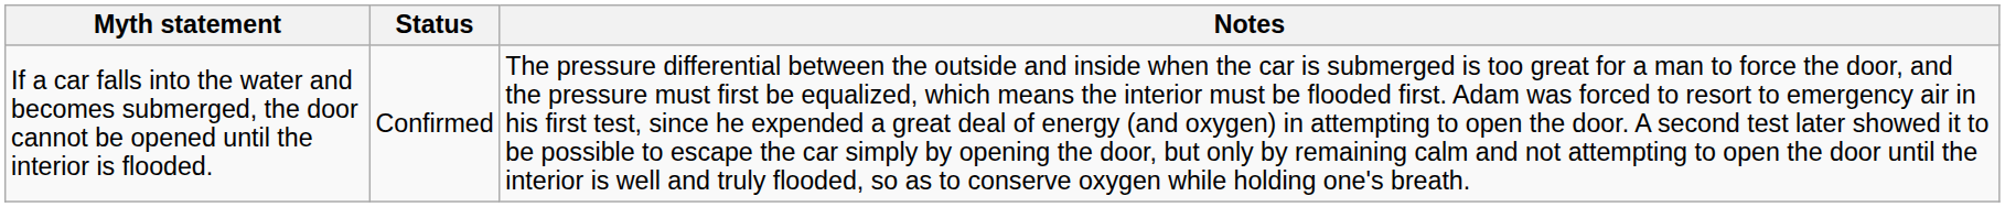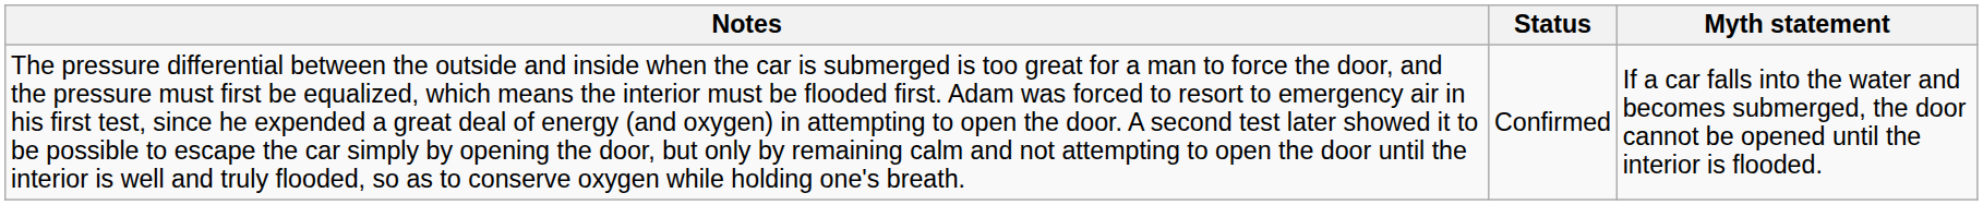 <table class="wikitable plainrowheaders">
 <tr>
+<th>Notes</th>
+<th>Status</th>
 <th>Myth statement</th>
-<th>Status</th>
-<th>Notes</th>
 </tr>
 <tr>
+<td>The pressure differential between the outside and inside when the car is submerged is too great for a man to force the door, and the pressure must first be equalized, which means the interior must be flooded first. Adam was forced to resort to emergency air in his first test, since he expended a great deal of energy (and oxygen) in attempting to open the door. A second test later showed it to be possible to escape the car simply by opening the door, but only by remaining calm and not attempting to open the door until the interior is well and truly flooded, so as to conserve oxygen while holding one's breath.</td>
+<td><span>Confirmed</span></td>
 <td>If a car falls into the water and becomes submerged, the door cannot be opened until the interior is flooded.</td>
-<td><span>Confirmed</span></td>
-<td>The pressure differential between the outside and inside when the car is submerged is too great for a man to force the door, and the pressure must first be equalized, which means the interior must be flooded first. Adam was forced to resort to emergency air in his first test, since he expended a great deal of energy (and oxygen) in attempting to open the door. A second test later showed it to be possible to escape the car simply by opening the door, but only by remaining calm and not attempting to open the door until the interior is well and truly flooded, so as to conserve oxygen while holding one's breath.</td>
 </tr>
 </table>
